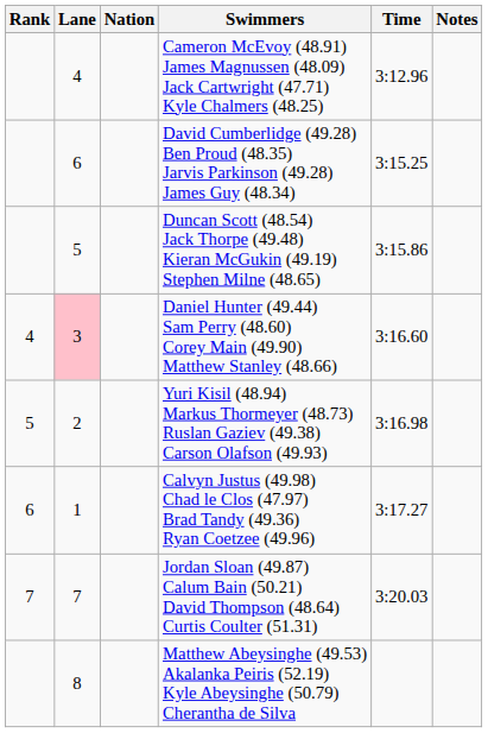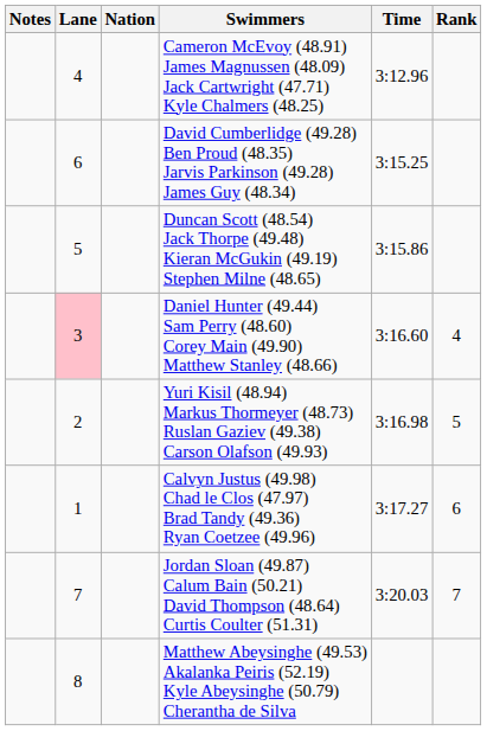 <table class="wikitable sortable" style="text-align:center">
 <tr>
-<th>Rank</th>
+<th>Notes</th>
 <th>Lane</th>
 <th>Nation</th>
 <th>Swimmers</th>
 <th>Time</th>
-<th>Notes</th>
+<th>Rank</th>
 </tr>
 <tr>
 <td></td>
 <td>4</td>
 <td align="left"></td>
 <td align="left"><a href='#'>Cameron McEvoy</a> (48.91)<br><a href='#'>James Magnussen</a> (48.09)<br><a href='#'>Jack Cartwright</a> (47.71)<br><a href='#'>Kyle Chalmers</a> (48.25)</td>
 <td>3:12.96</td>
 <td></td>
 </tr>
 <tr>
 <td></td>
 <td>6</td>
 <td align="left"></td>
 <td align="left"><a href='#'>David Cumberlidge</a> (49.28)<br><a href='#'>Ben Proud</a> (48.35)<br><a href='#'>Jarvis Parkinson</a> (49.28) <br> <a href='#'>James Guy</a> (48.34)</td>
 <td>3:15.25</td>
 <td></td>
 </tr>
 <tr>
 <td></td>
 <td>5</td>
 <td align="left"></td>
 <td align="left"><a href='#'>Duncan Scott</a> (48.54)<br><a href='#'>Jack Thorpe</a> (49.48)<br><a href='#'>Kieran McGukin</a> (49.19)<br><a href='#'>Stephen Milne</a> (48.65)</td>
 <td>3:15.86</td>
 <td></td>
 </tr>
 <tr>
-<td>4</td>
+<td></td>
 <td style="background: pink;">3</td>
 <td align="left"></td>
 <td align="left"><a href='#'>Daniel Hunter</a> (49.44)<br><a href='#'>Sam Perry</a> (48.60)<br><a href='#'>Corey Main</a> (49.90)<br><a href='#'>Matthew Stanley</a> (48.66)</td>
 <td>3:16.60</td>
-<td></td>
+<td>4</td>
 </tr>
 <tr>
-<td>5</td>
+<td></td>
 <td>2</td>
 <td align="left"></td>
 <td align="left"><a href='#'>Yuri Kisil</a> (48.94)<br><a href='#'>Markus Thormeyer</a> (48.73)<br><a href='#'>Ruslan Gaziev</a> (49.38)<br><a href='#'>Carson Olafson</a> (49.93)</td>
 <td>3:16.98</td>
-<td></td>
+<td>5</td>
 </tr>
 <tr>
-<td>6</td>
+<td></td>
 <td>1</td>
 <td align="left"></td>
 <td align="left"><a href='#'>Calvyn Justus</a> (49.98)<br><a href='#'>Chad le Clos</a> (47.97)<br><a href='#'>Brad Tandy</a> (49.36)<br><a href='#'>Ryan Coetzee</a> (49.96)</td>
 <td>3:17.27</td>
-<td></td>
+<td>6</td>
 </tr>
 <tr>
-<td>7</td>
+<td></td>
 <td>7</td>
 <td align="left"></td>
 <td align="left"><a href='#'>Jordan Sloan</a> (49.87)<br><a href='#'>Calum Bain</a> (50.21)<br><a href='#'>David Thompson</a> (48.64)<br><a href='#'>Curtis Coulter</a> (51.31)</td>
 <td>3:20.03</td>
-<td></td>
+<td>7</td>
 </tr>
 <tr>
 <td></td>
 <td>8</td>
 <td align="left"></td>
 <td align="left"><a href='#'>Matthew Abeysinghe</a> (49.53)<br><a href='#'>Akalanka Peiris</a> (52.19)<br><a href='#'>Kyle Abeysinghe</a> (50.79)<br><a href='#'>Cherantha de Silva</a></td>
 <td></td>
 <td></td>
 </tr>
 </table>
